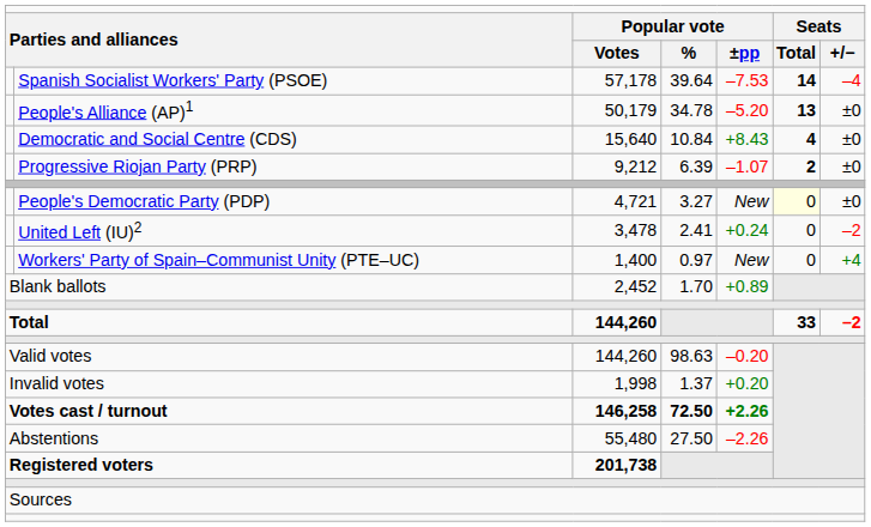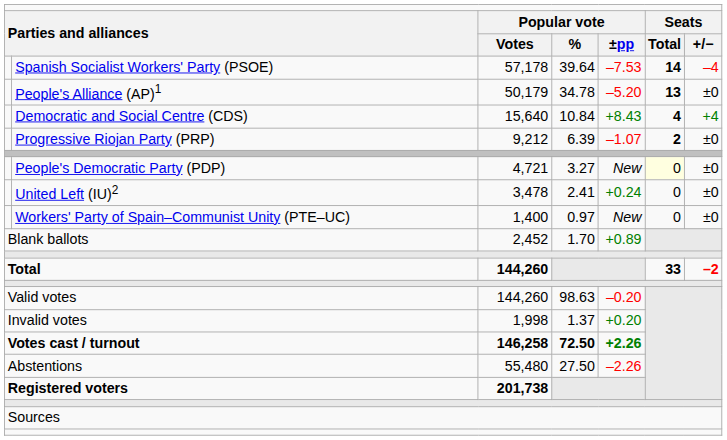 <table class="wikitable" style="text-align:right;">
 <tr>
 <td colspan="7"></td>
 </tr>
 <tr>
 <th style="text-align:left;" rowspan="2" colspan="2" width="525">Parties and alliances</th>
 <th colspan="3">Popular vote</th>
 <th colspan="2">Seats</th>
 </tr>
 <tr>
 <th width="75">Votes</th>
 <th width="45">%</th>
 <th width="45">±<a href='#'>pp</a></th>
 <th width="35">Total</th>
 <th width="35">+/−</th>
 </tr>
 <tr>
 <td width="1" style="color:inherit;background:"></td>
 <td align="left"><a href='#'>Spanish Socialist Workers' Party</a> (PSOE)</td>
 <td>57,178</td>
 <td>39.64</td>
 <td style="color:red;">–7.53</td>
 <td><strong>14</strong></td>
 <td style="color:red;">–4</td>
 </tr>
 <tr>
 <td style="color:inherit;background:"></td>
 <td align="left"><a href='#'>People's Alliance</a> (AP)<sup>1</sup></td>
 <td>50,179</td>
 <td>34.78</td>
 <td style="color:red;">–5.20</td>
 <td><strong>13</strong></td>
 <td>±0</td>
 </tr>
 <tr>
 <td style="color:inherit;background:"></td>
 <td align="left"><a href='#'>Democratic and Social Centre</a> (CDS)</td>
 <td>15,640</td>
 <td>10.84</td>
 <td style="color:green;">+8.43</td>
 <td><strong>4</strong></td>
-<td>±0</td>
+<td style="color:green;">+4</td>
 </tr>
 <tr>
 <td style="color:inherit;background:"></td>
 <td align="left"><a href='#'>Progressive Riojan Party</a> (PRP)</td>
 <td>9,212</td>
 <td>6.39</td>
 <td style="color:red;">–1.07</td>
 <td><strong>2</strong></td>
 <td>±0</td>
 </tr>
 <tr>
 <td colspan="7" bgcolor="#C0C0C0"></td>
 </tr>
 <tr>
 <td style="color:inherit;background:"></td>
 <td align="left"><a href='#'>People's Democratic Party</a> (PDP)</td>
 <td>4,721</td>
 <td>3.27</td>
 <td><em>New</em></td>
 <td style="background: lightyellow;">0</td>
 <td>±0</td>
 </tr>
 <tr>
 <td style="color:inherit;background:"></td>
 <td align="left"><a href='#'>United Left</a> (IU)<sup>2</sup></td>
 <td>3,478</td>
 <td>2.41</td>
 <td style="color:green;">+0.24</td>
 <td>0</td>
-<td style="color:red;">–2</td>
+<td>±0</td>
 </tr>
 <tr>
 <td style="color:inherit;background:"></td>
 <td align="left"><a href='#'>Workers' Party of Spain–Communist Unity</a> (PTE–UC)</td>
 <td>1,400</td>
 <td>0.97</td>
 <td><em>New</em></td>
 <td>0</td>
-<td style="color:green;">+4</td>
+<td>±0</td>
 </tr>
 <tr>
 <td align="left" colspan="2">Blank ballots</td>
 <td>2,452</td>
 <td>1.70</td>
 <td style="color:green;">+0.89</td>
 <td bgcolor="#E9E9E9" colspan="2"></td>
 </tr>
 <tr>
 <td colspan="7" bgcolor="#E9E9E9"></td>
 </tr>
 <tr style="font-weight:bold;">
 <td align="left" colspan="2">Total</td>
 <td>144,260</td>
 <td bgcolor="#E9E9E9" colspan="2"></td>
 <td>33</td>
 <td style="color:red;">–2</td>
 </tr>
 <tr>
 <td colspan="7" bgcolor="#E9E9E9"></td>
 </tr>
 <tr>
 <td align="left" colspan="2">Valid votes</td>
 <td>144,260</td>
 <td>98.63</td>
 <td style="color:red;">–0.20</td>
 <td bgcolor="#E9E9E9" colspan="2" rowspan="5"></td>
 </tr>
 <tr>
 <td align="left" colspan="2">Invalid votes</td>
 <td>1,998</td>
 <td>1.37</td>
 <td style="color:green;">+0.20</td>
 </tr>
 <tr style="font-weight:bold;">
 <td align="left" colspan="2">Votes cast / turnout</td>
 <td>146,258</td>
 <td>72.50</td>
 <td style="color:green;">+2.26</td>
 </tr>
 <tr>
 <td align="left" colspan="2">Abstentions</td>
 <td>55,480</td>
 <td>27.50</td>
 <td style="color:red;">–2.26</td>
 </tr>
 <tr style="font-weight:bold;">
 <td align="left" colspan="2">Registered voters</td>
 <td>201,738</td>
 <td bgcolor="#E9E9E9" colspan="2"></td>
 </tr>
 <tr>
 <td colspan="7" bgcolor="#E9E9E9"></td>
 </tr>
 <tr>
 <td align="left" colspan="7">Sources</td>
 </tr>
 <tr>
 <td colspan="7" style="text-align:left; max-width:790px;"></td>
 </tr>
 </table>
